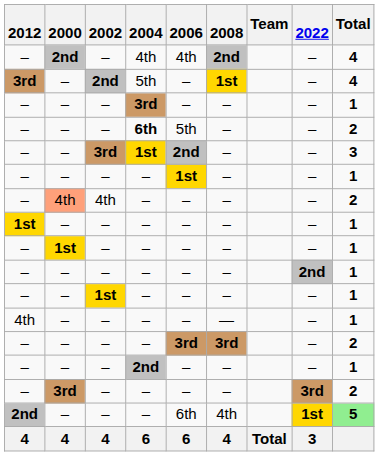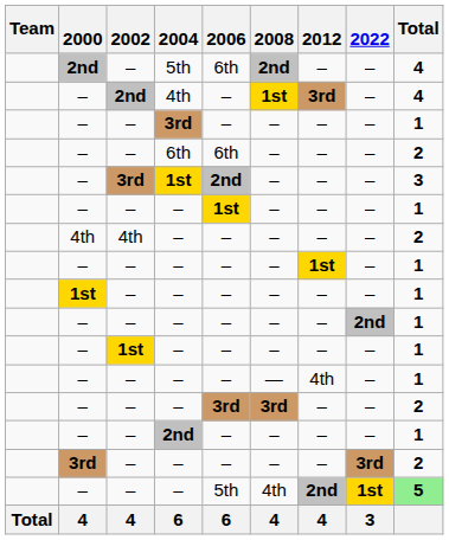 <table class="wikitable" style="text-align:center">
 <tr>
-<th><br>2012</th>
+<th>Team</th>
 <th><br>2000</th>
 <th><br>2002</th>
 <th><br>2004</th>
 <th><br>2006</th>
 <th><br>2008</th>
-<th>Team</th>
+<th><br>2012</th>
 <th><br><a href='#'>2022</a></th>
 <th>Total</th>
 </tr>
 <tr>
-<td>–</td>
+<td align=left></td>
 <td bgcolor=silver><strong>2nd</strong></td>
 <td>–</td>
-<td>4th</td>
-<td>4th</td>
+<td>5th</td>
+<td>6th</td>
 <td bgcolor=silver><strong>2nd</strong></td>
-<td align=left></td>
+<td>–</td>
 <td>–</td>
 <td><strong>4</strong></td>
 </tr>
 <tr>
-<td bgcolor=cc9966><strong>3rd</strong></td>
+<td align=left></td>
 <td>–</td>
 <td bgcolor=silver><strong>2nd</strong></td>
-<td>5th</td>
+<td>4th</td>
 <td>–</td>
 <td bgcolor=gold><strong>1st</strong></td>
-<td align=left></td>
+<td bgcolor=cc9966><strong>3rd</strong></td>
 <td>–</td>
 <td><strong>4</strong></td>
 </tr>
 <tr>
-<td>–</td>
+<td align=left></td>
 <td>–</td>
 <td>–</td>
 <td bgcolor=cc9966><strong>3rd</strong></td>
 <td>–</td>
 <td>–</td>
-<td align=left></td>
+<td>–</td>
 <td>–</td>
 <td><strong>1</strong></td>
 </tr>
 <tr>
+<td align=left></td>
 <td>–</td>
 <td>–</td>
+<td>6th</td>
+<td>6th</td>
 <td>–</td>
-<td><strong>6th</strong></td>
-<td>5th</td>
 <td>–</td>
-<td align=left></td>
 <td>–</td>
 <td><strong>2</strong></td>
 </tr>
 <tr>
-<td>–</td>
+<td align=left></td>
 <td>–</td>
 <td bgcolor=cc9966><strong>3rd</strong></td>
 <td bgcolor=gold><strong>1st</strong></td>
 <td bgcolor=silver><strong>2nd</strong></td>
 <td>–</td>
-<td align=left></td>
+<td>–</td>
 <td>–</td>
 <td><strong>3</strong></td>
 </tr>
 <tr>
+<td align=left></td>
+<td>–</td>
+<td>–</td>
+<td>–</td>
+<td bgcolor=gold><strong>1st</strong></td>
+<td>–</td>
+<td>–</td>
+<td>–</td>
+<td><strong>1</strong></td>
+</tr>
+<tr>
+<td align=left></td>
+<td>4th</td>
+<td>4th</td>
+<td>–</td>
+<td>–</td>
+<td>–</td>
+<td>–</td>
+<td>–</td>
+<td><strong>2</strong></td>
+</tr>
+<tr>
+<td align=left></td>
+<td>–</td>
 <td>–</td>
 <td>–</td>
 <td>–</td>
 <td>–</td>
 <td bgcolor=gold><strong>1st</strong></td>
 <td>–</td>
-<td align=left></td>
-<td>–</td>
 <td><strong>1</strong></td>
 </tr>
 <tr>
-<td>–</td>
-<td style="background: lightsalmon;">4th</td>
-<td>4th</td>
-<td>–</td>
-<td>–</td>
-<td>–</td>
 <td align=left></td>
-<td>–</td>
-<td><strong>2</strong></td>
-</tr>
-<tr>
 <td bgcolor=gold><strong>1st</strong></td>
 <td>–</td>
 <td>–</td>
 <td>–</td>
 <td>–</td>
 <td>–</td>
-<td align=left></td>
 <td>–</td>
 <td><strong>1</strong></td>
 </tr>
 <tr>
+<td align=left></td>
+<td>–</td>
+<td>–</td>
+<td>–</td>
+<td>–</td>
+<td>–</td>
+<td>–</td>
+<td bgcolor=silver><strong>2nd</strong></td>
+<td><strong>1</strong></td>
+</tr>
+<tr>
+<td align=left></td>
 <td>–</td>
 <td bgcolor=gold><strong>1st</strong></td>
 <td>–</td>
 <td>–</td>
 <td>–</td>
 <td>–</td>
-<td align=left></td>
 <td>–</td>
 <td><strong>1</strong></td>
 </tr>
 <tr>
+<td align=left></td>
+<td>–</td>
+<td>–</td>
+<td>–</td>
+<td>–</td>
+<td>—</td>
+<td>4th</td>
+<td>–</td>
+<td><strong>1</strong></td>
+</tr>
+<tr>
+<td align=left></td>
+<td>–</td>
+<td>–</td>
+<td>–</td>
+<td bgcolor=cc9966><strong>3rd</strong></td>
+<td bgcolor=cc9966><strong>3rd</strong></td>
+<td>–</td>
+<td>–</td>
+<td><strong>2</strong></td>
+</tr>
+<tr>
+<td align=left></td>
+<td>–</td>
+<td>–</td>
+<td bgcolor=silver><strong>2nd</strong></td>
+<td>–</td>
+<td>–</td>
+<td>–</td>
+<td>–</td>
+<td><strong>1</strong></td>
+</tr>
+<tr>
+<td align=left></td>
+<td bgcolor=cc9966><strong>3rd</strong></td>
 <td>–</td>
 <td>–</td>
 <td>–</td>
 <td>–</td>
 <td>–</td>
-<td>–</td>
-<td align=left></td>
-<td bgcolor=silver><strong>2nd</strong></td>
-<td><strong>1</strong></td>
-</tr>
-<tr>
-<td>–</td>
-<td>–</td>
-<td bgcolor=gold><strong>1st</strong></td>
-<td>–</td>
-<td>–</td>
-<td>–</td>
-<td align=left></td>
-<td>–</td>
-<td><strong>1</strong></td>
-</tr>
-<tr>
-<td>4th</td>
-<td>–</td>
-<td>–</td>
-<td>–</td>
-<td>–</td>
-<td>—</td>
-<td align=left></td>
-<td>–</td>
-<td><strong>1</strong></td>
-</tr>
-<tr>
-<td>–</td>
-<td>–</td>
-<td>–</td>
-<td>–</td>
-<td bgcolor=cc9966><strong>3rd</strong></td>
-<td bgcolor=cc9966><strong>3rd</strong></td>
-<td align=left></td>
-<td>–</td>
-<td><strong>2</strong></td>
-</tr>
-<tr>
-<td>–</td>
-<td>–</td>
-<td>–</td>
-<td bgcolor=silver><strong>2nd</strong></td>
-<td>–</td>
-<td>–</td>
-<td align=left></td>
-<td>–</td>
-<td><strong>1</strong></td>
-</tr>
-<tr>
-<td>–</td>
-<td bgcolor=cc9966><strong>3rd</strong></td>
-<td>–</td>
-<td>–</td>
-<td>–</td>
-<td>–</td>
-<td align=left></td>
 <td bgcolor=cc9966><strong>3rd</strong></td>
 <td><strong>2</strong></td>
 </tr>
 <tr>
-<td bgcolor=silver><strong>2nd</strong></td>
+<td align=left></td>
 <td>–</td>
 <td>–</td>
 <td>–</td>
-<td>6th</td>
+<td>5th</td>
 <td>4th</td>
-<td align=left></td>
+<td bgcolor=silver><strong>2nd</strong></td>
 <td bgcolor=gold><strong>1st</strong></td>
 <td style="background: lightgreen;"><strong>5</strong></td>
 </tr>
 <tr>
-<th>4</th>
+<th>Total</th>
 <th>4</th>
 <th>4</th>
 <th>6</th>
 <th>6</th>
 <th>4</th>
-<th>Total</th>
+<th>4</th>
 <th>3</th>
 <th></th>
 </tr>
 </table>
